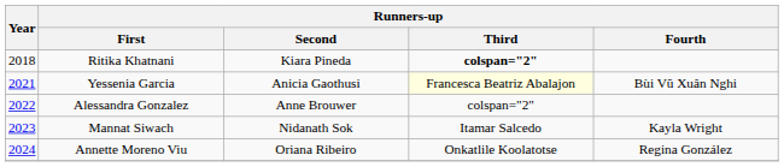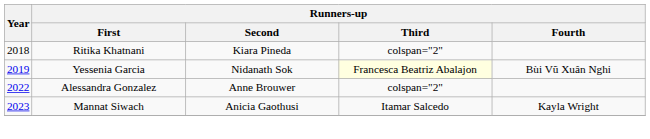 <table class="wikitable sortable" style="font-size:95%; text-align:center">
 <tr>
 <th rowspan="2"><span>Year</span></th>
 <th colspan="4">Runners-up</th>
 </tr>
 <tr>
 <th width="200">First</th>
 <th width="200">Second</th>
 <th width="200">Third</th>
 <th width="200">Fourth</th>
 </tr>
 <tr>
 <td>2018</td>
 <td>Ritika Khatnani<br></td>
 <td>Kiara Pineda<br></td>
-<td><strong>colspan="2" </strong></td>
+<td>colspan="2" </td>
 </tr>
 <tr>
-<td><a href='#'>2021</a></td>
+<td><a href='#'>2019</a></td>
 <td>Yessenia Garcia<br></td>
-<td>Anicia Gaothusi<br></td>
+<td>Nidanath Sok<br></td>
 <td style="background: lightyellow;">Francesca Beatriz Abalajon<br></td>
 <td>Bùi Vũ Xuân Nghi<br></td>
 </tr>
 <tr>
 <td><a href='#'>2022</a></td>
 <td>Alessandra Gonzalez<br></td>
 <td>Anne Brouwer<br></td>
 <td>colspan="2" </td>
 </tr>
 <tr>
 <td><a href='#'>2023</a></td>
 <td>Mannat Siwach<br></td>
-<td>Nidanath Sok<br></td>
+<td>Anicia Gaothusi<br></td>
 <td>Itamar Salcedo<br></td>
 <td>Kayla Wright<br></td>
 </tr>
 <tr>
-<td><a href='#'>2024</a></td>
-<td>Annette Moreno Viu<br></td>
-<td>Oriana Ribeiro<br></td>
-<td>Onkatlile Koolatotse<br></td>
-<td>Regina González<br></td>
-</tr>
-<tr>
 </tr>
 </table>
